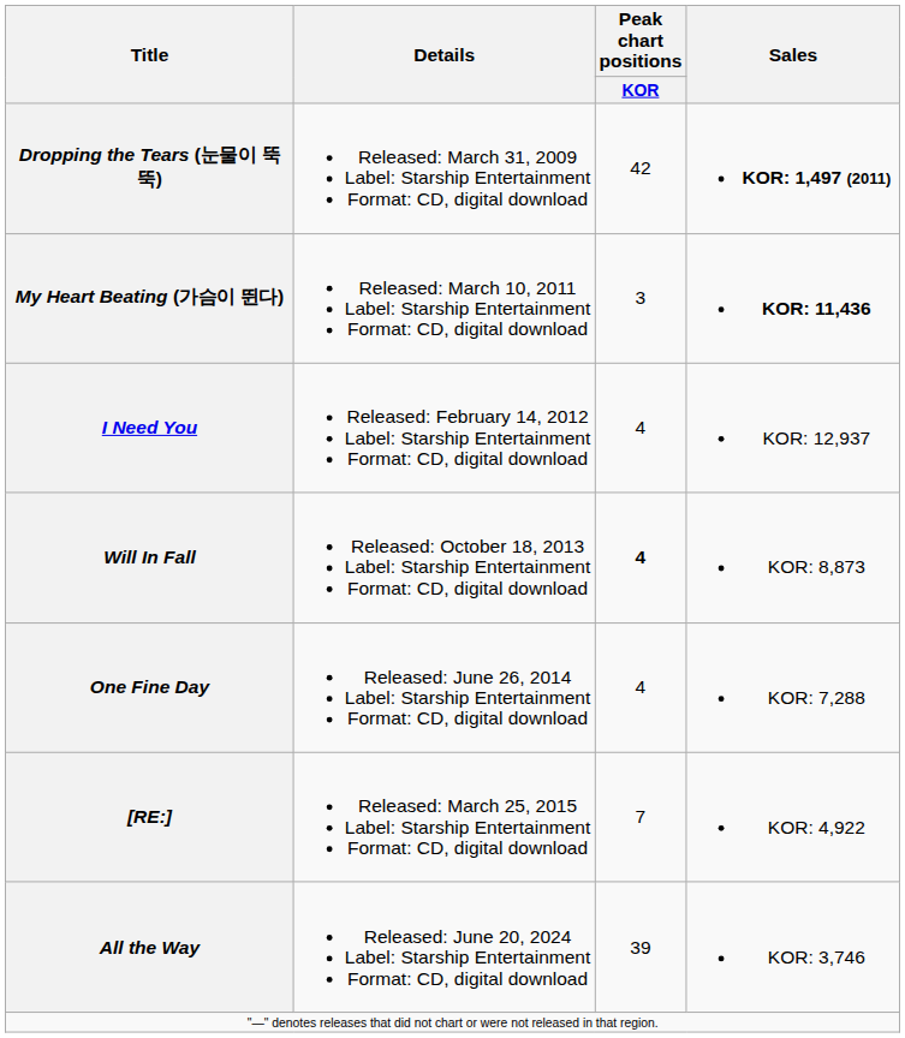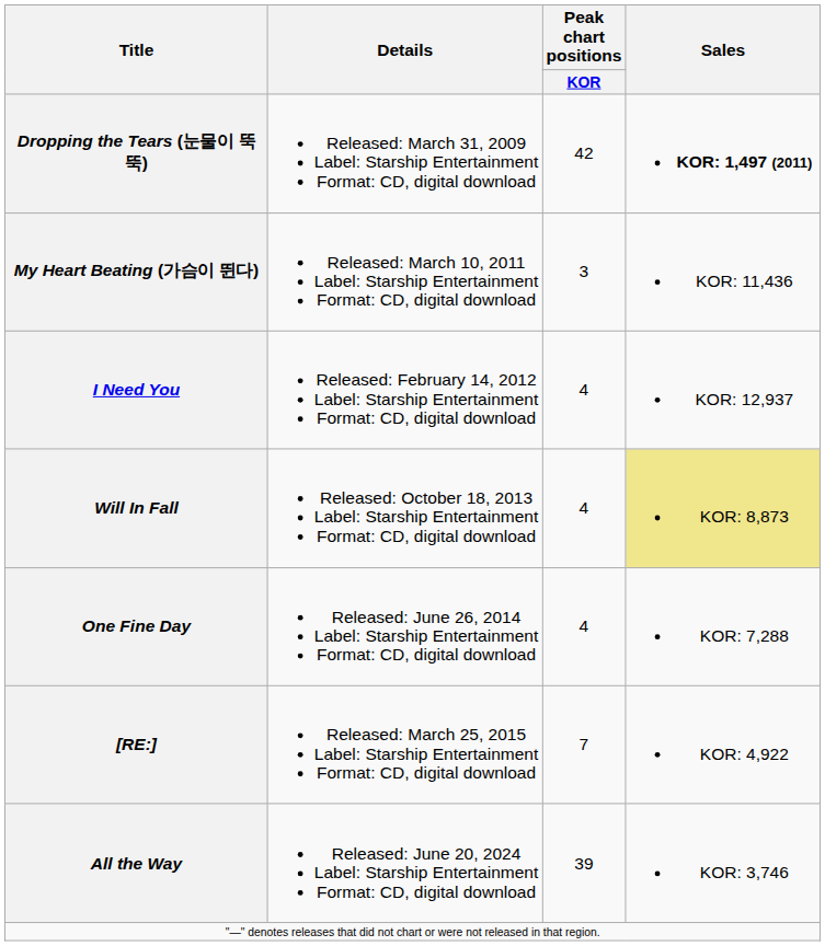 <table class="wikitable plainrowheaders" style="text-align:center;">
 <tr>
 <th rowspan=2 style="width:15em;">Title</th>
 <th rowspan=2>Details</th>
 <th colspan=1>Peak chart positions</th>
 <th rowspan=2 style="width:11em;">Sales</th>
 </tr>
 <tr>
 <th scope="col" style="width:3em;font-size:90%;"><a href='#'>KOR</a><br></th>
 </tr>
 <tr>
 <th scope="row"><em>Dropping the Tears</em> (눈물이 뚝뚝)</th>
 <td><br><ul><li>Released: March 31, 2009</li><li>Label: Starship Entertainment</li><li>Format: CD, digital download</li></ul></td>
 <td>42</td>
 <td><strong><br><ul><li>KOR: 1,497 <small>(2011)</small></li></ul></strong></td>
 </tr>
 <tr>
 <th scope="row"><em>My Heart Beating</em> (가슴이 뛴다)</th>
 <td><br><ul><li>Released: March 10, 2011</li><li>Label: Starship Entertainment</li><li>Format: CD, digital download</li></ul></td>
 <td>3</td>
-<td><strong><br><ul><li>KOR: 11,436</li></ul></strong></td>
+<td><br><ul><li>KOR: 11,436</li></ul></td>
 </tr>
 <tr>
 <th scope="row"><em><a href='#'>I Need You</a></em></th>
 <td><br><ul><li>Released: February 14, 2012</li><li>Label: Starship Entertainment</li><li>Format: CD, digital download</li></ul></td>
 <td>4</td>
 <td><br><ul><li>KOR: 12,937</li></ul></td>
 </tr>
 <tr>
 <th scope="row"><em>Will In Fall</em></th>
 <td><br><ul><li>Released: October 18, 2013</li><li>Label: Starship Entertainment</li><li>Format: CD, digital download</li></ul></td>
-<td><strong>4</strong></td>
-<td><br><ul><li>KOR: 8,873</li></ul></td>
+<td>4</td>
+<td style="background: khaki;"><br><ul><li>KOR: 8,873</li></ul></td>
 </tr>
 <tr>
 <th scope="row"><em>One Fine Day</em></th>
 <td><br><ul><li>Released: June 26, 2014</li><li>Label: Starship Entertainment</li><li>Format: CD, digital download</li></ul></td>
 <td>4</td>
 <td><br><ul><li>KOR: 7,288</li></ul></td>
 </tr>
 <tr>
 <th scope="row"><em>[RE:]</em></th>
 <td><br><ul><li>Released: March 25, 2015</li><li>Label: Starship Entertainment</li><li>Format: CD, digital download</li></ul></td>
 <td>7</td>
 <td><br><ul><li>KOR: 4,922</li></ul></td>
 </tr>
 <tr>
 <th scope="row"><em>All the Way</em></th>
 <td><br><ul><li>Released: June 20, 2024</li><li>Label: Starship Entertainment</li><li>Format: CD, digital download</li></ul></td>
 <td>39</td>
 <td><br><ul><li>KOR: 3,746</li></ul></td>
 </tr>
 <tr>
 <td colspan="4" style="font-size:8pt">"—" denotes releases that did not chart or were not released in that region.</td>
 </tr>
 </table>
